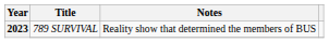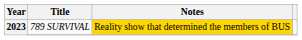 <table class="wikitable plainrowheaders">
 <tr>
 <th scope="col">Year</th>
 <th scope="col">Title</th>
 <th scope="col" class="unsortable">Notes</th>
 <th scope="col" class="unsortable"></th>
 </tr>
 <tr>
 <th rowspan="2" scope="row">2023</th>
 <td><em>789 SURVIVAL</em></td>
-<td>Reality show that determined the members of BUS</td>
+<td style="background: gold;">Reality show that determined the members of BUS</td>
 <td style="text-align:center"></td>
 </tr>
 <tr>
 </tr>
 </table>
